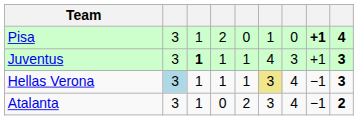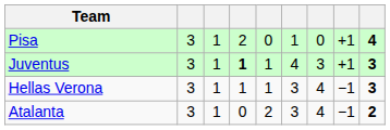 <table class="wikitable" style="text-align: center;">
 <tr>
 <th width=175>Team</th>
 <th width=20></th>
 <th width=20></th>
 <th width=20></th>
 <th width=20></th>
 <th width=20></th>
 <th width=20></th>
 <th width=20></th>
 <th width=20></th>
 </tr>
 <tr bgcolor="#ccffcc">
 <td align=left><a href='#'>Pisa</a></td>
 <td>3</td>
 <td>1</td>
 <td>2</td>
 <td>0</td>
 <td>1</td>
 <td>0</td>
-<td><strong>+1</strong></td>
+<td>+1</td>
 <td><strong>4</strong></td>
 </tr>
 <tr bgcolor="#ccffcc">
 <td align=left><a href='#'>Juventus</a></td>
 <td>3</td>
+<td>1</td>
 <td><strong>1</strong></td>
-<td>1</td>
 <td>1</td>
 <td>4</td>
 <td>3</td>
 <td>+1</td>
 <td><strong>3</strong></td>
 </tr>
 <tr>
 <td align=left><a href='#'>Hellas Verona</a></td>
-<td style="background: lightblue;">3</td>
+<td>3</td>
 <td>1</td>
 <td>1</td>
 <td>1</td>
-<td style="background: khaki;">3</td>
+<td>3</td>
 <td>4</td>
 <td>−1</td>
 <td><strong>3</strong></td>
 </tr>
 <tr>
 <td align=left><a href='#'>Atalanta</a></td>
 <td>3</td>
 <td>1</td>
 <td>0</td>
 <td>2</td>
 <td>3</td>
 <td>4</td>
 <td>−1</td>
 <td><strong>2</strong></td>
 </tr>
 </table>
